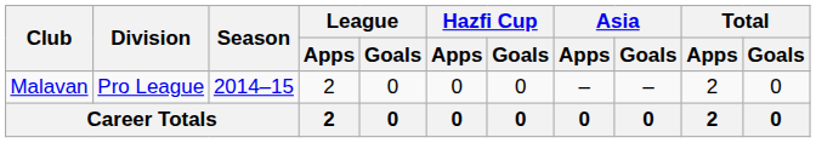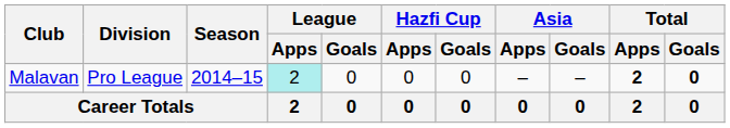 <table class="wikitable" style="text-align: center;">
 <tr>
 <th rowspan="2">Club</th>
 <th rowspan="2">Division</th>
 <th rowspan="2">Season</th>
 <th colspan="2">League</th>
 <th colspan="2"><a href='#'>Hazfi Cup</a></th>
 <th colspan="2"><a href='#'>Asia</a></th>
 <th colspan="2">Total</th>
 </tr>
 <tr>
 <th>Apps</th>
 <th>Goals</th>
 <th>Apps</th>
 <th>Goals</th>
 <th>Apps</th>
 <th>Goals</th>
 <th>Apps</th>
 <th>Goals</th>
 </tr>
 <tr>
 <td><a href='#'>Malavan</a></td>
 <td><a href='#'>Pro League</a></td>
 <td><a href='#'>2014–15</a></td>
-<td>2</td>
+<td style="background: paleturquoise;">2</td>
 <td>0</td>
 <td>0</td>
 <td>0</td>
 <td>–</td>
 <td>–</td>
-<td>2</td>
-<td>0</td>
+<td><strong>2</strong></td>
+<td><strong>0</strong></td>
 </tr>
 <tr>
 <th colspan=3>Career Totals</th>
 <th>2</th>
 <th>0</th>
 <th>0</th>
 <th>0</th>
 <th>0</th>
 <th>0</th>
 <th>2</th>
 <th>0</th>
 </tr>
 </table>
